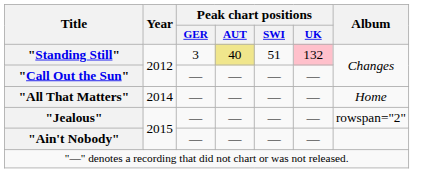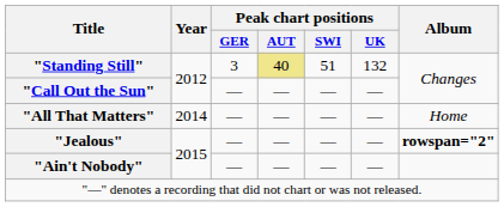 <table class="wikitable plainrowheaders" style="text-align:center;" border="1">
 <tr>
 <th scope="col" rowspan="2" style="width:10em;">Title</th>
 <th scope="col" rowspan="2" style="width:1em;">Year</th>
 <th scope="col" colspan="4">Peak chart positions</th>
 <th scope="col" rowspan="2">Album</th>
 </tr>
 <tr>
 <th scope="col" style="width:3em;font-size:85%;"><a href='#'>GER</a><br></th>
 <th scope="col" style="width:3em;font-size:85%;"><a href='#'>AUT</a><br></th>
 <th scope="col" style="width:3em;font-size:85%;"><a href='#'>SWI</a><br></th>
 <th scope="col" style="width:3em;font-size:85%;"><a href='#'>UK</a><br></th>
 </tr>
 <tr>
 <th scope="row">"<a href='#'>Standing Still</a>"</th>
 <td rowspan="2">2012</td>
 <td>3</td>
 <td style="background: khaki;">40</td>
 <td>51</td>
-<td style="background: pink;">132</td>
+<td>132</td>
 <td rowspan="2"><em>Changes</em></td>
 </tr>
 <tr>
 <th scope="row">"<a href='#'>Call Out the Sun</a>"</th>
 <td>—</td>
 <td>—</td>
 <td>—</td>
 <td>—</td>
 </tr>
 <tr>
 <th scope="row">"All That Matters"</th>
 <td>2014</td>
 <td>—</td>
 <td>—</td>
 <td>—</td>
 <td>—</td>
 <td><em>Home</em></td>
 </tr>
 <tr>
 <th scope="row">"Jealous"</th>
 <td rowspan="2">2015</td>
 <td>—</td>
 <td>—</td>
 <td>—</td>
 <td>—</td>
-<td>rowspan="2" </td>
+<td><strong>rowspan="2" </strong></td>
 </tr>
 <tr>
 <th scope="row">"Ain't Nobody"</th>
 <td>—</td>
 <td>—</td>
 <td>—</td>
 <td>—</td>
 </tr>
 <tr>
 <td colspan="14" style="text-align:center; font-size:85%;">"—" denotes a recording that did not chart or was not released.</td>
 </tr>
 </table>
